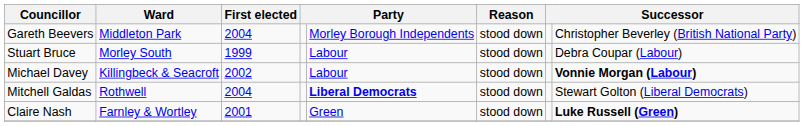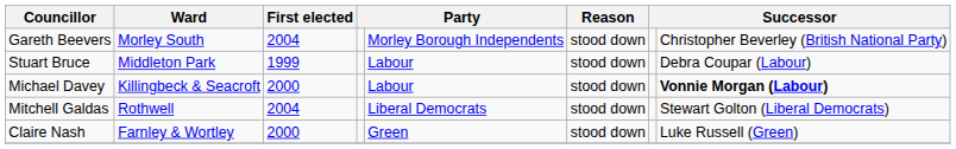 <table class="wikitable sortable" style="font-size:95%;">
 <tr>
 <th scope="col">Councillor</th>
 <th scope="col">Ward</th>
 <th scope="col">First elected</th>
 <th colspan="2" scope="col">Party</th>
 <th scope="col">Reason</th>
 <th colspan="2" scope="col">Successor</th>
 </tr>
 <tr>
 <td>Gareth Beevers</td>
-<td><a href='#'>Middleton Park</a></td>
+<td><a href='#'>Morley South</a></td>
 <td><a href='#'>2004</a></td>
 <td width="1" style="color:inherit;background:"></td>
 <td><a href='#'>Morley Borough Independents</a></td>
 <td>stood down</td>
 <td width="1" style="color:inherit;background:"></td>
 <td>Christopher Beverley (<a href='#'>British National Party</a>)</td>
 </tr>
 <tr>
 <td>Stuart Bruce</td>
-<td><a href='#'>Morley South</a></td>
+<td><a href='#'>Middleton Park</a></td>
 <td><a href='#'>1999</a></td>
 <td width="1" style="color:inherit;background:"></td>
 <td><a href='#'>Labour</a></td>
 <td>stood down</td>
 <td width="1" style="color:inherit;background:"></td>
 <td>Debra Coupar (<a href='#'>Labour</a>)</td>
 </tr>
 <tr>
 <td>Michael Davey</td>
 <td><a href='#'>Killingbeck & Seacroft</a></td>
-<td><a href='#'>2002</a></td>
+<td><a href='#'>2000</a></td>
 <td width="1" style="color:inherit;background:"></td>
 <td><a href='#'>Labour</a></td>
 <td>stood down</td>
 <td width="1" style="color:inherit;background:"></td>
 <td><strong>Vonnie Morgan (<a href='#'>Labour</a>)</strong></td>
 </tr>
 <tr>
 <td>Mitchell Galdas</td>
 <td><a href='#'>Rothwell</a></td>
 <td><a href='#'>2004</a></td>
 <td width="1" style="color:inherit;background:"></td>
-<td><strong><a href='#'>Liberal Democrats</a></strong></td>
+<td><a href='#'>Liberal Democrats</a></td>
 <td>stood down</td>
 <td width="1" style="color:inherit;background:"></td>
 <td>Stewart Golton (<a href='#'>Liberal Democrats</a>)</td>
 </tr>
 <tr>
 <td>Claire Nash</td>
 <td><a href='#'>Farnley & Wortley</a></td>
-<td><a href='#'>2001</a></td>
+<td><a href='#'>2000</a></td>
 <td width="1" style="color:inherit;background:"></td>
 <td><a href='#'>Green</a></td>
 <td>stood down</td>
 <td width="1" style="color:inherit;background:"></td>
-<td><strong>Luke Russell (<a href='#'>Green</a>)</strong></td>
+<td>Luke Russell (<a href='#'>Green</a>)</td>
 </tr>
 <tr>
 </tr>
 </table>
